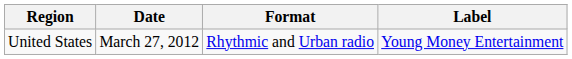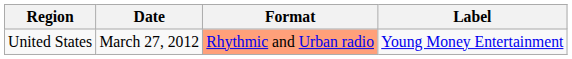 <table class="wikitable">
 <tr>
 <th>Region</th>
 <th>Date</th>
 <th>Format</th>
 <th>Label</th>
 </tr>
 <tr>
 <td rowspan="2">United States</td>
 <td>March 27, 2012</td>
-<td><a href='#'>Rhythmic</a> and <a href='#'>Urban radio</a></td>
+<td style="background: lightsalmon;"><a href='#'>Rhythmic</a> and <a href='#'>Urban radio</a></td>
 <td rowspan="2"><a href='#'>Young Money Entertainment</a></td>
 </tr>
 </table>
